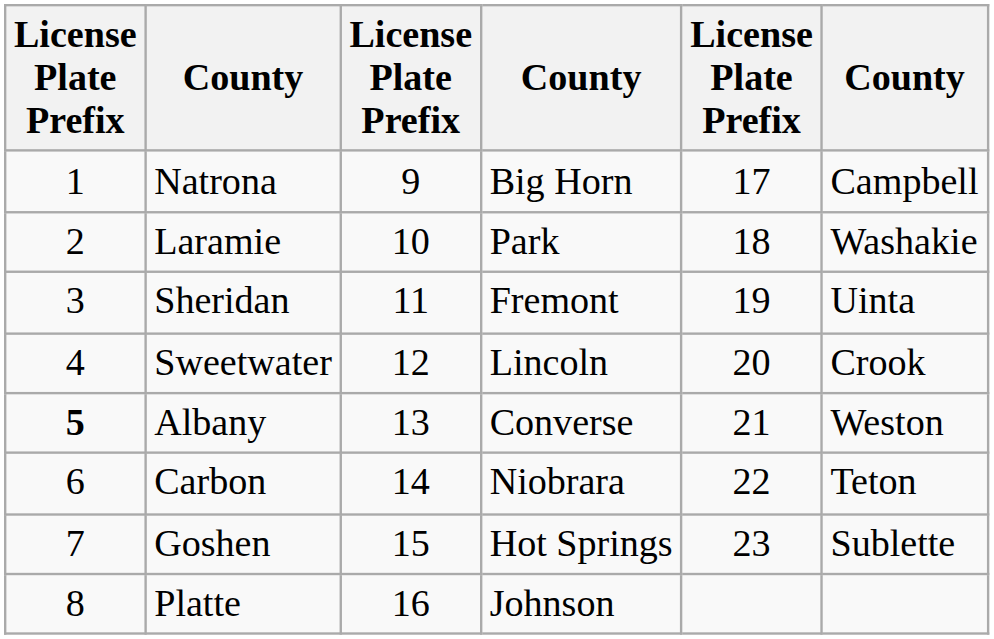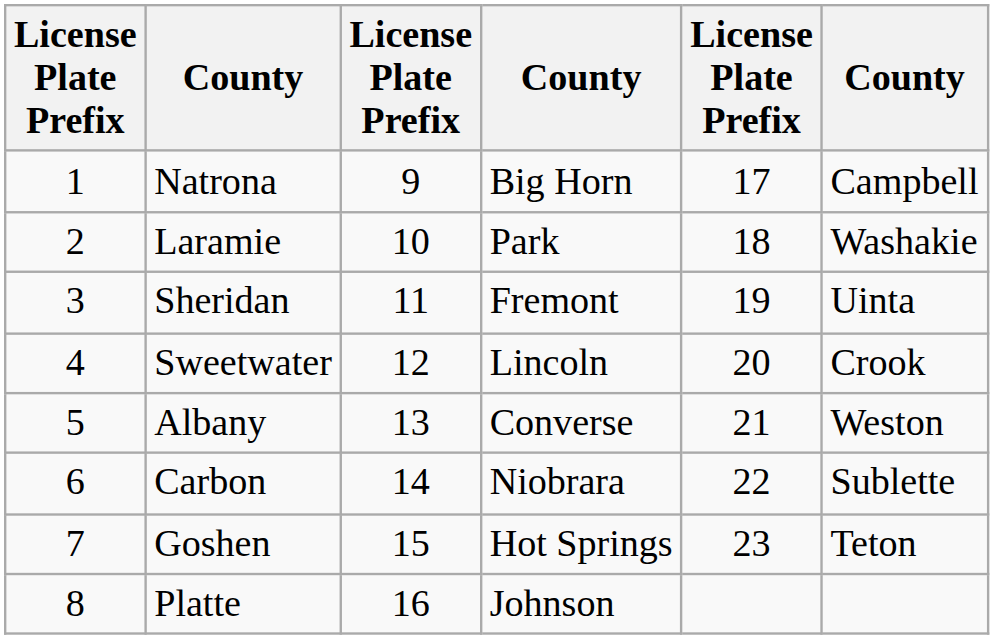 <table class="wikitable">
 <tr>
 <th>License<br>Plate<br>Prefix</th>
 <th>County</th>
 <th>License<br>Plate<br>Prefix</th>
 <th>County</th>
 <th>License<br>Plate<br>Prefix</th>
 <th>County</th>
 </tr>
 <tr>
 <td style="text-align: center;">1</td>
 <td>Natrona</td>
 <td style="text-align: center;">9</td>
 <td>Big Horn</td>
 <td style="text-align: center;">17</td>
 <td>Campbell</td>
 </tr>
 <tr>
 <td style="text-align: center;">2</td>
 <td>Laramie</td>
 <td style="text-align: center;">10</td>
 <td>Park</td>
 <td style="text-align: center;">18</td>
 <td>Washakie</td>
 </tr>
 <tr>
 <td style="text-align: center;">3</td>
 <td>Sheridan</td>
 <td style="text-align: center;">11</td>
 <td>Fremont</td>
 <td style="text-align: center;">19</td>
 <td>Uinta</td>
 </tr>
 <tr>
 <td style="text-align: center;">4</td>
 <td>Sweetwater</td>
 <td style="text-align: center;">12</td>
 <td>Lincoln</td>
 <td style="text-align: center;">20</td>
 <td>Crook</td>
 </tr>
 <tr>
-<td style="text-align: center;"><strong>5</strong></td>
+<td style="text-align: center;">5</td>
 <td>Albany</td>
 <td style="text-align: center;">13</td>
 <td>Converse</td>
 <td style="text-align: center;">21</td>
 <td>Weston</td>
 </tr>
 <tr>
 <td style="text-align: center;">6</td>
 <td>Carbon</td>
 <td style="text-align: center;">14</td>
 <td>Niobrara</td>
 <td style="text-align: center;">22</td>
-<td>Teton</td>
+<td>Sublette</td>
 </tr>
 <tr>
 <td style="text-align: center;">7</td>
 <td>Goshen</td>
 <td style="text-align: center;">15</td>
 <td>Hot Springs</td>
 <td style="text-align: center;">23</td>
-<td>Sublette</td>
+<td>Teton</td>
 </tr>
 <tr>
 <td style="text-align: center;">8</td>
 <td>Platte</td>
 <td style="text-align: center;">16</td>
 <td>Johnson</td>
 <td> </td>
 <td> </td>
 </tr>
 </table>
